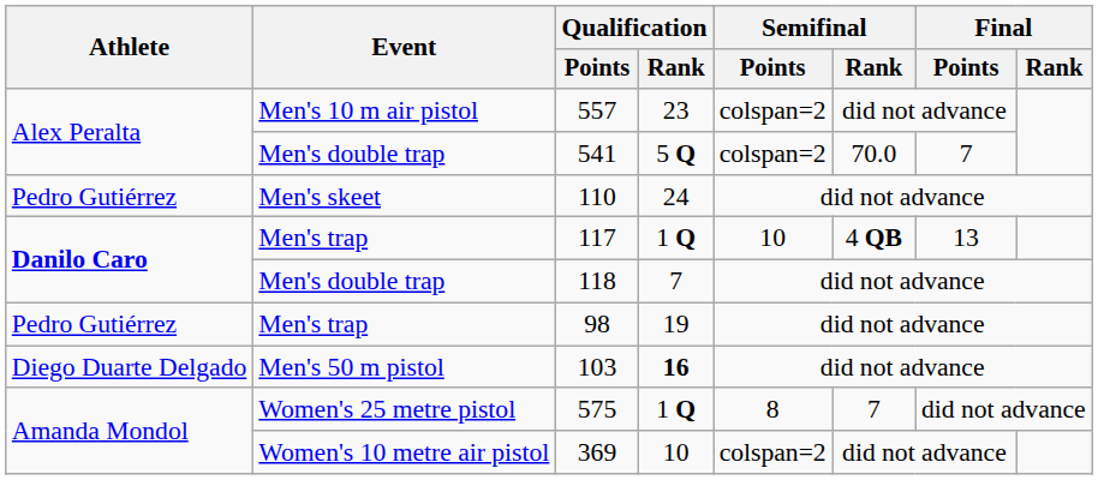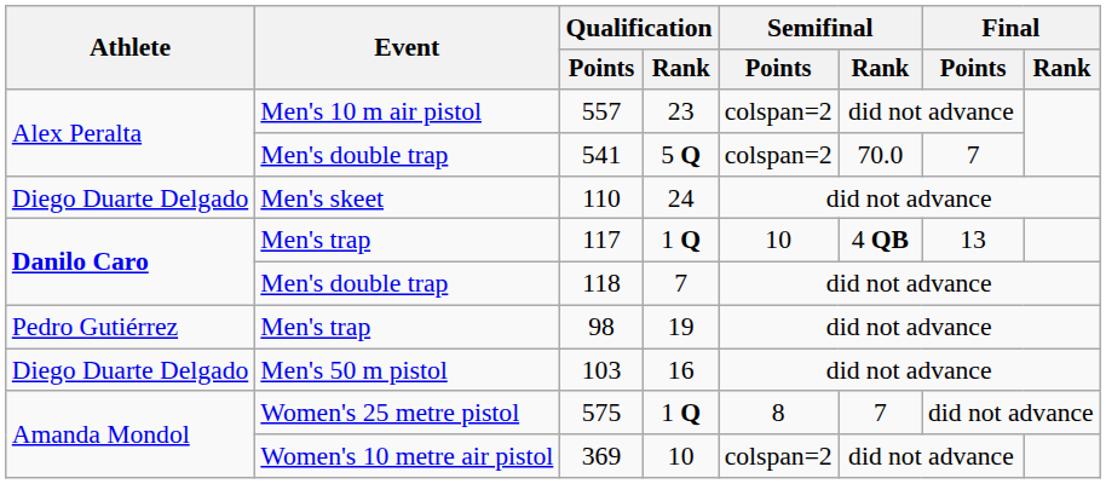 <table class="wikitable" style="font-size:90%">
 <tr>
 <th rowspan="2">Athlete</th>
 <th rowspan="2">Event</th>
 <th colspan=2>Qualification</th>
 <th colspan=2>Semifinal</th>
 <th colspan=2>Final</th>
 </tr>
 <tr style="font-size:95%">
 <th>Points</th>
 <th>Rank</th>
 <th>Points</th>
 <th>Rank</th>
 <th>Points</th>
 <th>Rank</th>
 </tr>
 <tr align=center>
 <td align=left rowspan=2><a href='#'>Alex Peralta</a></td>
 <td align=left><a href='#'>Men's 10 m air pistol</a></td>
 <td>557</td>
 <td>23</td>
 <td>colspan=2 </td>
 <td colspan=2>did not advance</td>
 </tr>
 <tr align=center>
 <td align=left><a href='#'>Men's double trap</a></td>
 <td>541</td>
 <td>5 <strong>Q</strong></td>
 <td>colspan=2 </td>
 <td>70.0</td>
 <td>7</td>
 </tr>
 <tr align=center>
-<td align=left><a href='#'>Pedro Gutiérrez</a></td>
+<td align=left><a href='#'>Diego Duarte Delgado</a></td>
 <td align=left><a href='#'>Men's skeet</a></td>
 <td>110</td>
 <td>24</td>
 <td colspan=4>did not advance</td>
 </tr>
 <tr align=center>
 <td align=left rowspan=2><strong><a href='#'>Danilo Caro</a></strong></td>
 <td align=left><a href='#'>Men's trap</a></td>
 <td>117</td>
 <td>1 <strong>Q</strong></td>
 <td>10</td>
 <td>4 <strong>QB</strong></td>
 <td>13</td>
 <td></td>
 </tr>
 <tr align=center>
 <td align=left><a href='#'>Men's double trap</a></td>
 <td>118</td>
 <td>7</td>
 <td colspan=4>did not advance</td>
 </tr>
 <tr align=center>
 <td align=left><a href='#'>Pedro Gutiérrez</a></td>
 <td align=left><a href='#'>Men's trap</a></td>
 <td>98</td>
 <td>19</td>
 <td colspan=4>did not advance</td>
 </tr>
 <tr align=center>
 <td align=left><a href='#'>Diego Duarte Delgado</a></td>
 <td align=left><a href='#'>Men's 50 m pistol</a></td>
 <td>103</td>
-<td><strong>16</strong></td>
+<td>16</td>
 <td colspan=4>did not advance</td>
 </tr>
 <tr align=center>
 <td align=left rowspan=2><a href='#'>Amanda Mondol</a></td>
 <td align=left><a href='#'>Women's 25 metre pistol</a></td>
 <td>575</td>
 <td>1 <strong>Q</strong></td>
 <td>8</td>
 <td>7</td>
 <td colspan=2>did not advance</td>
 </tr>
 <tr align=center>
 <td align=left><a href='#'>Women's 10 metre air pistol</a></td>
 <td>369</td>
 <td>10</td>
 <td>colspan=2 </td>
 <td colspan=2>did not advance</td>
 </tr>
 </table>
